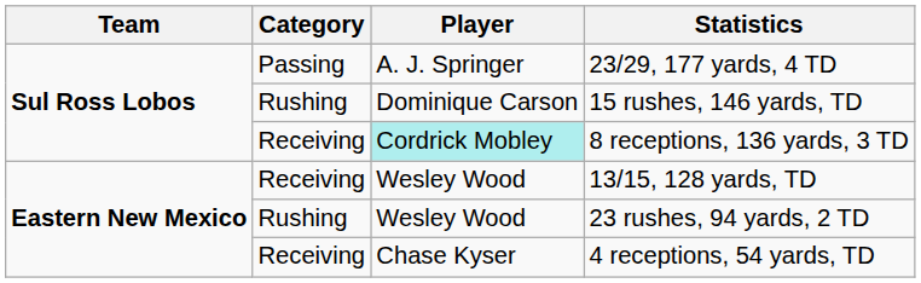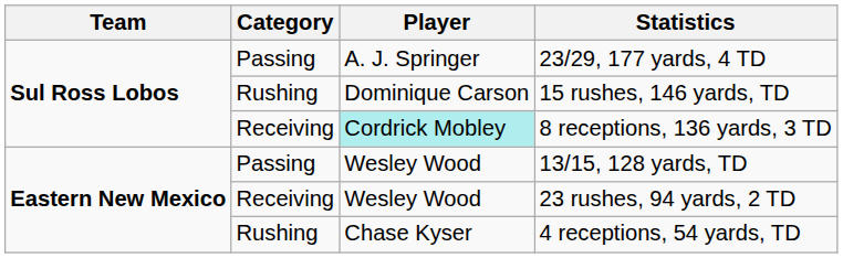 <table class="wikitable" style="float: left;">
 <tr>
 <th>Team</th>
 <th>Category</th>
 <th>Player</th>
 <th>Statistics</th>
 </tr>
 <tr>
 <td rowspan=3><strong>Sul Ross Lobos</strong></td>
 <td>Passing</td>
 <td>A. J. Springer</td>
 <td>23/29, 177 yards, 4 TD</td>
 </tr>
 <tr>
 <td>Rushing</td>
 <td>Dominique Carson</td>
 <td>15 rushes, 146 yards, TD</td>
 </tr>
 <tr>
 <td>Receiving</td>
 <td style="background: paleturquoise;">Cordrick Mobley</td>
 <td>8 receptions, 136 yards, 3 TD</td>
 </tr>
 <tr>
 <td rowspan=3><strong>Eastern New Mexico</strong></td>
-<td>Receiving</td>
+<td>Passing</td>
 <td>Wesley Wood</td>
 <td>13/15, 128 yards, TD</td>
 </tr>
 <tr>
-<td>Rushing</td>
+<td>Receiving</td>
 <td>Wesley Wood</td>
 <td>23 rushes, 94 yards, 2 TD</td>
 </tr>
 <tr>
-<td>Receiving</td>
+<td>Rushing</td>
 <td>Chase Kyser</td>
 <td>4 receptions, 54 yards, TD</td>
 </tr>
 </table>
